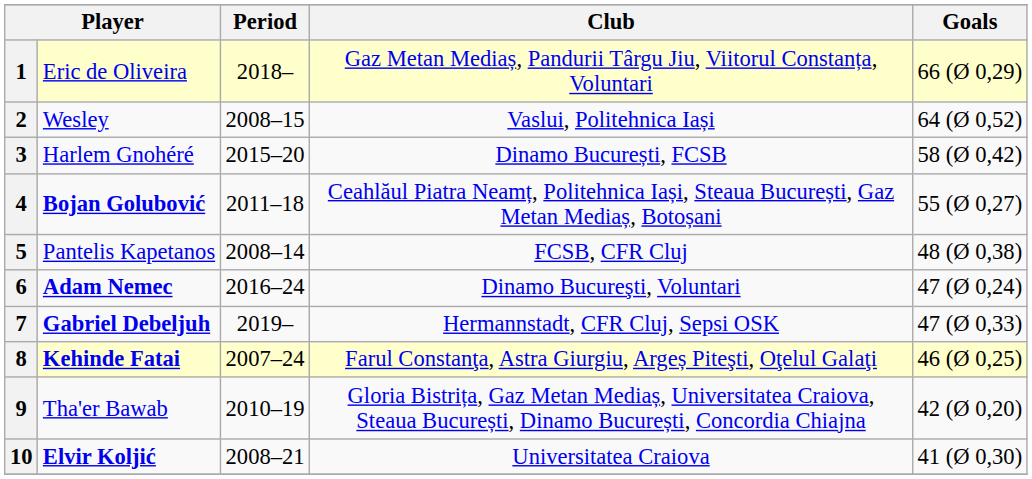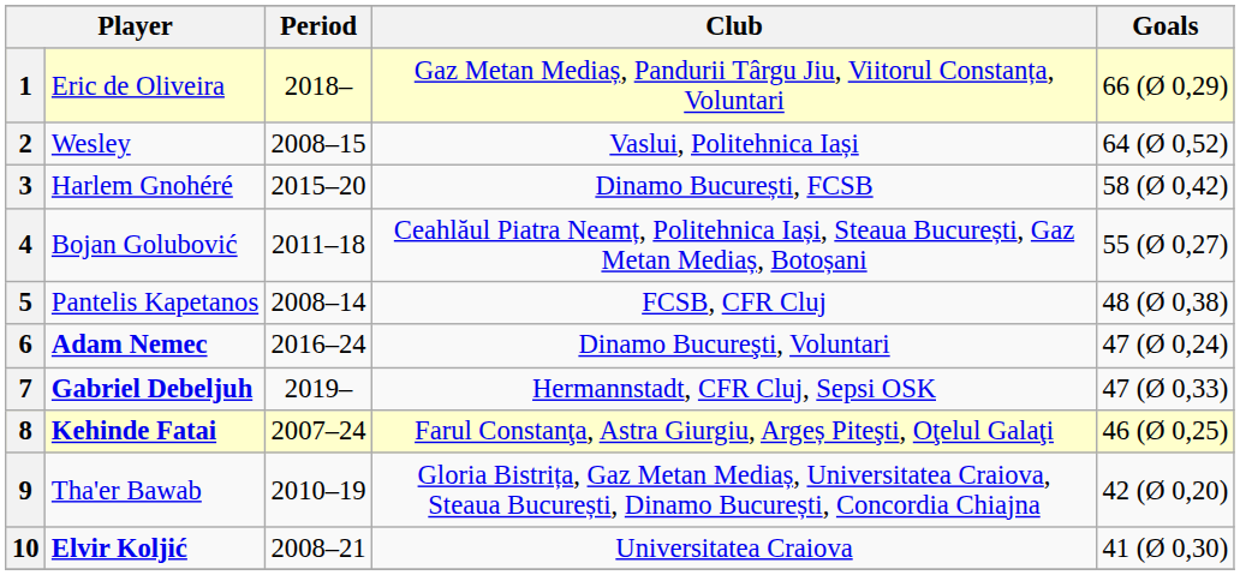 <table class="wikitable sortable" style="text-align:left;">
 <tr>
 </tr>
 <tr>
 <th colspan="2" style="text-align:center;">Player</th>
 <th style="text-align:center;">Period</th>
 <th style="width:420px;">Club</th>
 <th style="text-align:center;">Goals</th>
 </tr>
 <tr style="background:#FFFFCC";>
 <th>1</th>
 <td> <a href='#'>Eric de Oliveira</a></td>
 <td style="text-align:center;">2018–</td>
 <td style="text-align:center;"><a href='#'>Gaz Metan Mediaș</a>, <a href='#'>Pandurii Târgu Jiu</a>, <a href='#'>Viitorul Constanța</a>, <a href='#'>Voluntari</a></td>
 <td style="text-align:center;">66 (Ø 0,29)</td>
 </tr>
 <tr>
 <th>2</th>
 <td> <a href='#'>Wesley</a></td>
 <td style="text-align:center;">2008–15</td>
 <td style="text-align:center;"><a href='#'>Vaslui</a>, <a href='#'>Politehnica Iași</a></td>
 <td style="text-align:center;">64 (Ø 0,52)</td>
 </tr>
 <tr>
 <th>3</th>
 <td> <a href='#'>Harlem Gnohéré</a></td>
 <td style="text-align:center;">2015–20</td>
 <td style="text-align:center;"><a href='#'>Dinamo București</a>, <a href='#'>FCSB</a></td>
 <td style="text-align:center;">58 (Ø 0,42)</td>
 </tr>
 <tr>
 <th>4</th>
-<td><strong> <a href='#'>Bojan Golubović</a></strong></td>
+<td> <a href='#'>Bojan Golubović</a></td>
 <td style="text-align:center;">2011–18</td>
 <td style="text-align:center;"><a href='#'>Ceahlăul Piatra Neamț</a>, <a href='#'>Politehnica Iași</a>, <a href='#'>Steaua București</a>, <a href='#'>Gaz Metan Mediaș</a>, <a href='#'>Botoșani</a></td>
 <td style="text-align:center;">55 (Ø 0,27)</td>
 </tr>
 <tr>
 <th>5</th>
 <td> <a href='#'>Pantelis Kapetanos</a></td>
 <td style="text-align:center;">2008–14</td>
 <td style="text-align:center;"><a href='#'>FCSB</a>, <a href='#'>CFR Cluj</a></td>
 <td style="text-align:center;">48 (Ø 0,38)</td>
 </tr>
 <tr>
 <th>6</th>
 <td> <strong><a href='#'>Adam Nemec</a></strong></td>
 <td style="text-align:center;">2016–24</td>
 <td style="text-align:center;"><a href='#'>Dinamo Bucureşti</a>, <a href='#'>Voluntari</a></td>
 <td style="text-align:center;">47 (Ø 0,24)</td>
 </tr>
 <tr>
 <th>7</th>
 <td> <strong><a href='#'>Gabriel Debeljuh</a></strong></td>
 <td style="text-align:center;">2019–</td>
 <td style="text-align:center;"><a href='#'>Hermannstadt</a>, <a href='#'>CFR Cluj</a>, <a href='#'>Sepsi OSK</a></td>
 <td style="text-align:center;">47 (Ø 0,33)</td>
 </tr>
 <tr style="background:#FFFFCC";>
 <th>8</th>
 <td> <strong><a href='#'>Kehinde Fatai</a></strong></td>
 <td style="text-align:center;">2007–24</td>
 <td style="text-align:center;"><a href='#'>Farul Constanţa</a>, <a href='#'>Astra Giurgiu</a>, <a href='#'>Argeș Piteşti</a>, <a href='#'>Oţelul Galaţi</a></td>
 <td style="text-align:center;">46 (Ø 0,25)</td>
 </tr>
 <tr>
 <th>9</th>
 <td> <a href='#'>Tha'er Bawab</a></td>
 <td style="text-align:center;">2010–19</td>
 <td style="text-align:center;"><a href='#'>Gloria Bistrița</a>, <a href='#'>Gaz Metan Mediaș</a>, <a href='#'>Universitatea Craiova</a>, <a href='#'>Steaua București</a>, <a href='#'>Dinamo București</a>, <a href='#'>Concordia Chiajna</a></td>
 <td style="text-align:center;">42 (Ø 0,20)</td>
 </tr>
 <tr>
 <th>10</th>
 <td> <strong><a href='#'>Elvir Koljić</a></strong></td>
 <td style="text-align:center;">2008–21</td>
 <td style="text-align:center;"><a href='#'>Universitatea Craiova</a></td>
 <td style="text-align:center;">41 (Ø 0,30)</td>
 </tr>
 <tr>
 </tr>
 </table>
